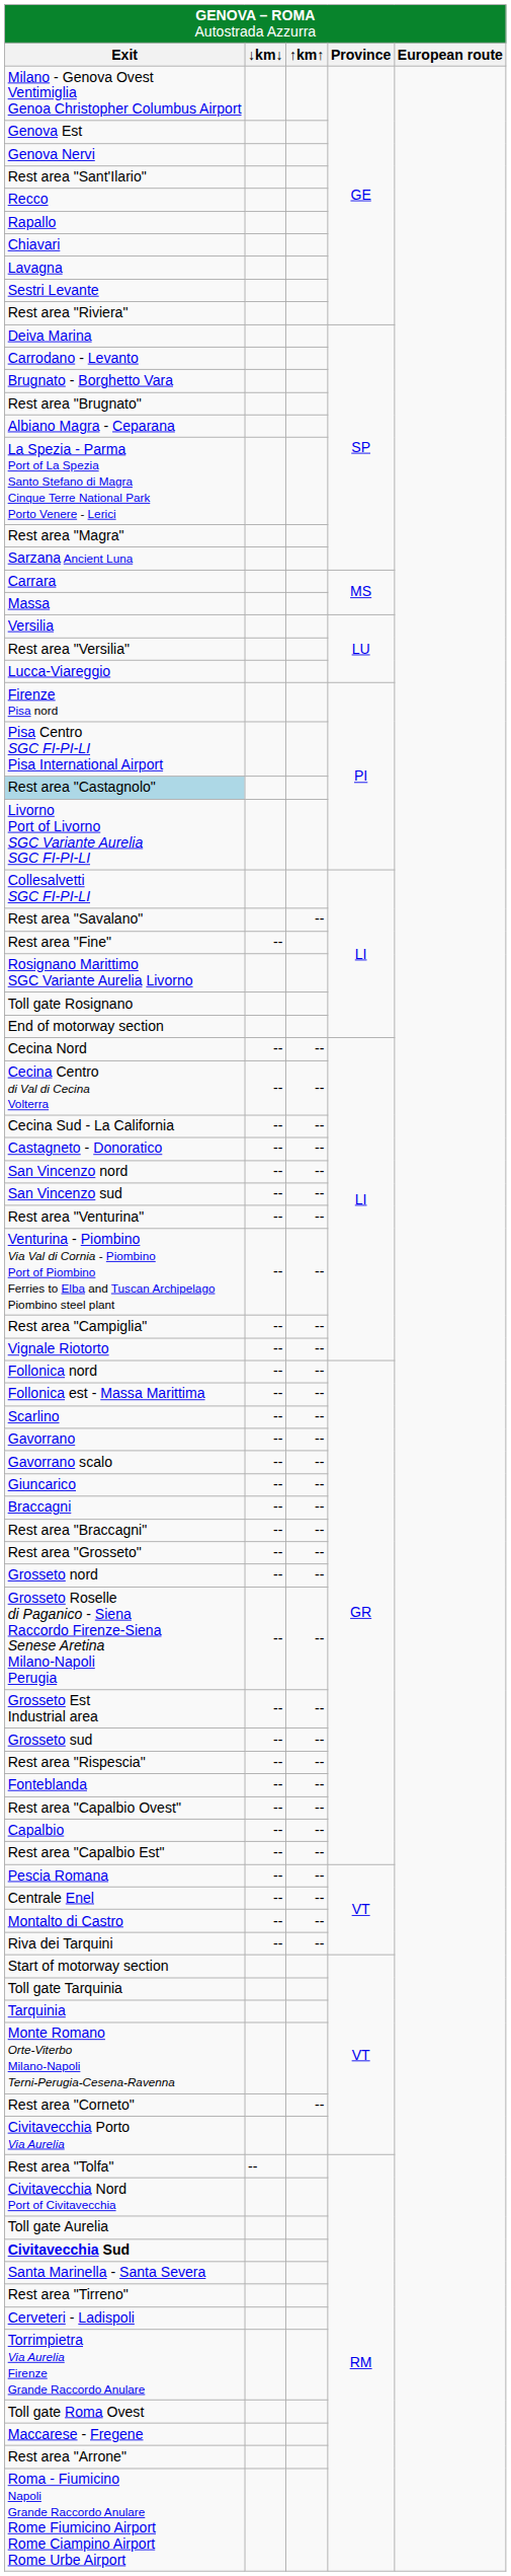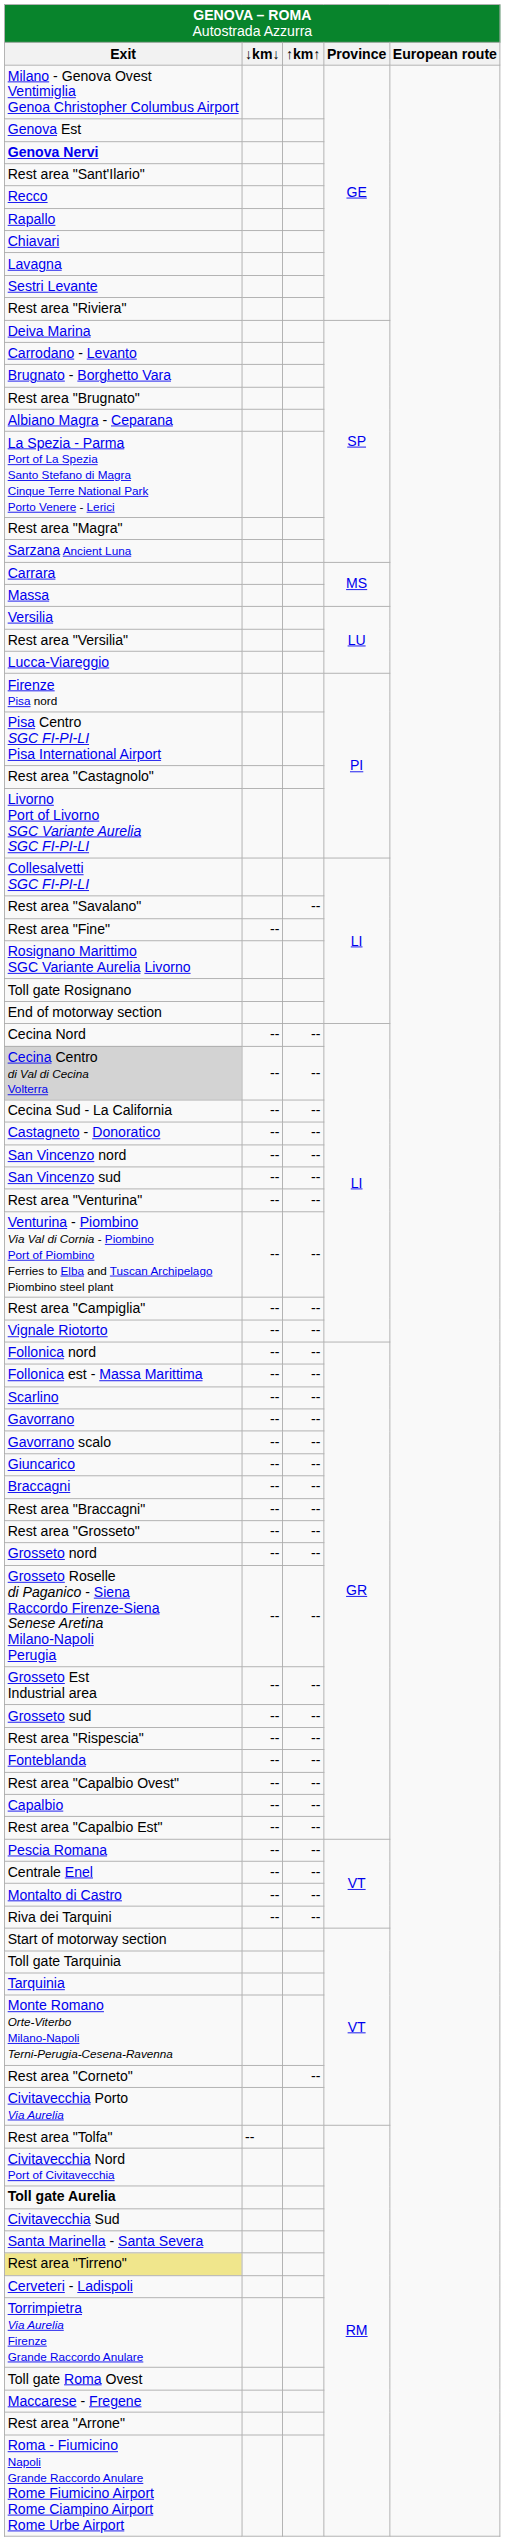 <table class="wikitable">
 <tr align="center" style="color: white;" bgcolor="#08842c">
 <td colspan="6"><strong> GENOVA – ROMA</strong><br>Autostrada Azzurra</td>
 </tr>
 <tr>
 <th><strong>Exit</strong></th>
 <th align="center"><strong>↓km↓</strong></th>
 <th align="center"><strong>↑km↑</strong></th>
 <th align="center"><strong>Province</strong></th>
 <th align="center"><strong>European route</strong></th>
 </tr>
 <tr>
 <td>   <a href='#'>Milano</a> - Genova Ovest<br>    <a href='#'>Ventimiglia</a><br> <a href='#'>Genoa Christopher Columbus Airport</a></td>
 <td align="right"></td>
 <td align="right"></td>
 <td rowspan="10" align="center"><a href='#'>GE</a></td>
 <td rowspan="83" align="center"></td>
 </tr>
 <tr>
 <td> <a href='#'>Genova</a> Est</td>
 <td align="right"></td>
 <td align="right"></td>
 </tr>
 <tr>
-<td> <a href='#'>Genova Nervi</a></td>
+<td><strong> <a href='#'>Genova Nervi</a></strong></td>
 <td align="right"></td>
 <td align="right"></td>
 </tr>
 <tr>
 <td>  Rest area "Sant'Ilario"</td>
 <td align="right"></td>
 <td></td>
 </tr>
 <tr>
 <td> <a href='#'>Recco</a></td>
 <td align="right"></td>
 <td align="right"></td>
 </tr>
 <tr>
 <td> <a href='#'>Rapallo</a></td>
 <td align="right"></td>
 <td align="right"></td>
 </tr>
 <tr>
 <td> <a href='#'>Chiavari</a></td>
 <td align="right"></td>
 <td align="right"></td>
 </tr>
 <tr>
 <td> <a href='#'>Lavagna</a></td>
 <td align="right"></td>
 <td align="right"></td>
 </tr>
 <tr>
 <td> <a href='#'>Sestri Levante</a></td>
 <td align="right"></td>
 <td align="right"></td>
 </tr>
 <tr>
 <td>  Rest area "Riviera"</td>
 <td align="right"></td>
 <td align="right"></td>
 </tr>
 <tr>
 <td> <a href='#'>Deiva Marina</a></td>
 <td align="right"></td>
 <td align="right"></td>
 <td rowspan="8" align="center"><a href='#'>SP</a></td>
 </tr>
 <tr>
 <td> <a href='#'>Carrodano</a> - <a href='#'>Levanto</a></td>
 <td align="right"></td>
 <td align="right"></td>
 </tr>
 <tr>
 <td> <a href='#'>Brugnato</a> - <a href='#'>Borghetto Vara</a></td>
 <td align="right"></td>
 <td align="right"></td>
 </tr>
 <tr>
 <td>  Rest area "Brugnato"</td>
 <td align="right"></td>
 <td align="right"></td>
 </tr>
 <tr>
 <td> <a href='#'>Albiano Magra</a> - <a href='#'>Ceparana</a></td>
 <td align="right"></td>
 <td align="right"></td>
 </tr>
 <tr>
 <td>   <a href='#'>La Spezia - Parma</a><br><small><a href='#'>Port of La Spezia</a></small><br><small><a href='#'>Santo Stefano di Magra</a></small><br><small> <a href='#'>Cinque Terre National Park</a></small><br><small> <a href='#'>Porto Venere</a> - <a href='#'>Lerici</a></small></td>
 <td align="right"></td>
 <td align="right"></td>
 </tr>
 <tr>
 <td>  Rest area "Magra"</td>
 <td align="right"></td>
 <td align="right"></td>
 </tr>
 <tr>
 <td> <a href='#'>Sarzana</a><small> <a href='#'>Ancient Luna</a></small></td>
 <td align="right"></td>
 <td align="right"></td>
 </tr>
 <tr>
 <td> <a href='#'>Carrara</a></td>
 <td align="right"></td>
 <td align="right"></td>
 <td align="center" rowspan="2"><a href='#'>MS</a></td>
 </tr>
 <tr>
 <td> <a href='#'>Massa</a></td>
 <td align="right"></td>
 <td align="right"></td>
 </tr>
 <tr>
 <td> <a href='#'>Versilia</a></td>
 <td align="right"></td>
 <td align="right"></td>
 <td rowspan="3" align="center"><a href='#'>LU</a></td>
 </tr>
 <tr>
 <td>  Rest area "Versilia"</td>
 <td align="right"></td>
 <td align="right"></td>
 </tr>
 <tr>
 <td>  <a href='#'>Lucca-Viareggio</a></td>
 <td align="right"></td>
 <td align="right"></td>
 </tr>
 <tr>
 <td>   <a href='#'>Firenze</a><br><small> <a href='#'>Pisa</a> nord</small></td>
 <td align="right"></td>
 <td align="right"></td>
 <td rowspan="4" align="center"><a href='#'>PI</a></td>
 </tr>
 <tr>
 <td> <a href='#'>Pisa</a> Centro <br> <em><a href='#'>SGC FI-PI-LI</a></em><br> <a href='#'>Pisa International Airport</a></td>
 <td align="right"></td>
 <td align="right"></td>
 </tr>
 <tr>
-<td style="background: lightblue;">  Rest area "Castagnolo"</td>
+<td>  Rest area "Castagnolo"</td>
 <td align="right"></td>
 <td align="right"></td>
 </tr>
 <tr>
 <td> <a href='#'>Livorno</a><br> <a href='#'>Port of Livorno</a><br> <em><a href='#'>SGC Variante Aurelia</a></em><br> <em><a href='#'>SGC FI-PI-LI</a></em></td>
 <td align="right"></td>
 <td align="right"></td>
 </tr>
 <tr>
 <td> <a href='#'>Collesalvetti</a><br> <em><a href='#'>SGC FI-PI-LI</a></em></td>
 <td align="right"></td>
 <td align="right"></td>
 <td rowspan="6" align="center"><a href='#'>LI</a></td>
 </tr>
 <tr>
 <td>  Rest area "Savalano"</td>
 <td align="right"></td>
 <td align="right">--</td>
 </tr>
 <tr>
 <td>  Rest area "Fine"</td>
 <td align="right">--</td>
 <td align="right"></td>
 </tr>
 <tr>
 <td> <a href='#'>Rosignano Marittimo</a><br> <a href='#'>SGC Variante Aurelia</a> <a href='#'>Livorno</a><br></td>
 <td align="right"></td>
 <td align="right"></td>
 </tr>
 <tr>
 <td> Toll gate Rosignano</td>
 <td align="right"></td>
 <td align="right"></td>
 </tr>
 <tr>
 <td>  End of motorway section</td>
 <td align="right"></td>
 <td align="right"></td>
 </tr>
 <tr>
 <td> Cecina Nord</td>
 <td align="right">--</td>
 <td align="right">--</td>
 <td rowspan="10" align="center"><a href='#'>LI</a></td>
 </tr>
 <tr>
-<td> <a href='#'>Cecina</a> Centro<br><small> <em>di Val di Cecina</em><br><a href='#'>Volterra</a></small></td>
+<td style="background: lightgrey;"> <a href='#'>Cecina</a> Centro<br><small> <em>di Val di Cecina</em><br><a href='#'>Volterra</a></small></td>
 <td align="right">--</td>
 <td align="right">--</td>
 </tr>
 <tr>
 <td> Cecina Sud - La California</td>
 <td align="right">--</td>
 <td align="right">--</td>
 </tr>
 <tr>
 <td> <a href='#'>Castagneto</a> - <a href='#'>Donoratico</a></td>
 <td align="right">--</td>
 <td align="right">--</td>
 </tr>
 <tr>
 <td> <a href='#'>San Vincenzo</a> nord</td>
 <td align="right">--</td>
 <td align="right">--</td>
 </tr>
 <tr>
 <td> <a href='#'>San Vincenzo</a> sud</td>
 <td align="right">--</td>
 <td align="right">--</td>
 </tr>
 <tr>
 <td> Rest area "Venturina"</td>
 <td align="right">--</td>
 <td align="right">--</td>
 </tr>
 <tr>
 <td><a href='#'>Venturina</a> - <a href='#'>Piombino</a><br><small>  <em>Via Val di Cornia</em> - <a href='#'>Piombino</a><br><a href='#'>Port of Piombino</a><br> Ferries to <a href='#'>Elba</a> and <a href='#'>Tuscan Archipelago</a><br> Piombino steel plant<br></small></td>
 <td align="right">--</td>
 <td align="right">--</td>
 </tr>
 <tr>
 <td> Rest area "Campiglia"</td>
 <td align="right">--</td>
 <td align="right">--</td>
 </tr>
 <tr>
 <td> <a href='#'>Vignale Riotorto</a></td>
 <td align="right">--</td>
 <td align="right">--</td>
 </tr>
 <tr>
 <td> <a href='#'>Follonica</a> nord</td>
 <td align="right">--</td>
 <td align="right">--</td>
 <td rowspan="18" align="center"><a href='#'>GR</a></td>
 </tr>
 <tr>
 <td> <a href='#'>Follonica</a> est - <a href='#'>Massa Marittima</a><br></td>
 <td align="right">--</td>
 <td align="right">--</td>
 </tr>
 <tr>
 <td> <a href='#'>Scarlino</a></td>
 <td align="right">--</td>
 <td align="right">--</td>
 </tr>
 <tr>
 <td> <a href='#'>Gavorrano</a></td>
 <td align="right">--</td>
 <td align="right">--</td>
 </tr>
 <tr>
 <td> <a href='#'>Gavorrano</a> scalo</td>
 <td align="right">--</td>
 <td align="right">--</td>
 </tr>
 <tr>
 <td> <a href='#'>Giuncarico</a></td>
 <td align="right">--</td>
 <td align="right">--</td>
 </tr>
 <tr>
 <td> <a href='#'>Braccagni</a></td>
 <td align="right">--</td>
 <td align="right">--</td>
 </tr>
 <tr>
 <td> Rest area "Braccagni"</td>
 <td align="right">--</td>
 <td align="right">--</td>
 </tr>
 <tr>
 <td> Rest area "Grosseto"</td>
 <td align="right">--</td>
 <td align="right">--</td>
 </tr>
 <tr>
 <td> <a href='#'>Grosseto</a> nord</td>
 <td align="right">--</td>
 <td align="right">--</td>
 </tr>
 <tr>
 <td> <a href='#'>Grosseto</a> Roselle<br> <em>di Paganico</em> - <a href='#'>Siena</a><br> <a href='#'>Raccordo Firenze-Siena</a><br> <em>Senese Aretina</em><br> <a href='#'>Milano-Napoli</a><br> <a href='#'>Perugia</a></td>
 <td align="right">--</td>
 <td align="right">--</td>
 </tr>
 <tr>
 <td> <a href='#'>Grosseto</a> Est<br> Industrial area<br></td>
 <td align="right">--</td>
 <td align="right">--</td>
 </tr>
 <tr>
 <td> <a href='#'>Grosseto</a> sud</td>
 <td align="right">--</td>
 <td align="right">--</td>
 </tr>
 <tr>
 <td> Rest area "Rispescia"</td>
 <td align="right">--</td>
 <td align="right">--</td>
 </tr>
 <tr>
 <td> <a href='#'>Fonteblanda</a></td>
 <td align="right">--</td>
 <td align="right">--</td>
 </tr>
 <tr>
 <td> Rest area "Capalbio Ovest"</td>
 <td align="right">--</td>
 <td align="right">--</td>
 </tr>
 <tr>
 <td> <a href='#'>Capalbio</a></td>
 <td align="right">--</td>
 <td align="right">--</td>
 </tr>
 <tr>
 <td> Rest area "Capalbio Est"</td>
 <td align="right">--</td>
 <td align="right">--</td>
 </tr>
 <tr>
 <td> <a href='#'>Pescia Romana</a></td>
 <td align="right">--</td>
 <td align="right">--</td>
 <td align="center" rowspan=4><a href='#'>VT</a></td>
 </tr>
 <tr>
 <td> Centrale <a href='#'>Enel</a></td>
 <td align="right">--</td>
 <td align="right">--</td>
 </tr>
 <tr>
 <td> <a href='#'>Montalto di Castro</a></td>
 <td align="right">--</td>
 <td align="right">--</td>
 </tr>
 <tr>
 <td> Riva dei Tarquini</td>
 <td align="right">--</td>
 <td align="right">--</td>
 </tr>
 <tr>
 <td>  Start of motorway section</td>
 <td align="right"></td>
 <td align="right"></td>
 <td align="center" rowspan=6><a href='#'>VT</a></td>
 </tr>
 <tr>
 <td> Toll gate Tarquinia</td>
 <td align="right"></td>
 <td align="right"></td>
 </tr>
 <tr>
 <td> <a href='#'>Tarquinia</a></td>
 <td align="right"></td>
 <td align="right"></td>
 </tr>
 <tr>
 <td> <a href='#'>Monte Romano</a><br><small> <em>Orte-Viterbo</em><br> <a href='#'>Milano-Napoli</a><br>  <em>Terni-Perugia-Cesena-Ravenna</em></small></td>
 <td align="right"></td>
 <td align="right"></td>
 </tr>
 <tr>
 <td>  Rest area "Corneto"</td>
 <td align="right"></td>
 <td align="right">--</td>
 </tr>
 <tr>
 <td> <a href='#'>Civitavecchia</a> Porto<br><small>  <em><a href='#'>Via Aurelia</a></em></small></td>
 <td align="right"></td>
 <td align="right"></td>
 </tr>
 <tr>
 <td>  Rest area "Tolfa"</td>
 <td>--</td>
 <td align="right"></td>
 <td align="center" rowspan=12><a href='#'>RM</a></td>
 </tr>
 <tr>
 <td> <a href='#'>Civitavecchia</a> Nord<br><small> <a href='#'>Port  of Civitavecchia</a></small></td>
 <td align="right"></td>
 <td align="right"></td>
 </tr>
 <tr>
-<td> Toll gate Aurelia</td>
+<td><strong> Toll gate Aurelia</strong></td>
 <td align="right"></td>
 <td align="right"></td>
 </tr>
 <tr>
-<td><strong> <a href='#'>Civitavecchia</a> Sud</strong></td>
+<td> <a href='#'>Civitavecchia</a> Sud</td>
 <td align="right"></td>
 <td align="right"></td>
 </tr>
 <tr>
 <td> <a href='#'>Santa Marinella</a> - <a href='#'>Santa Severa</a></td>
 <td align="right"></td>
 <td align="right"></td>
 </tr>
 <tr>
-<td>  Rest area "Tirreno"</td>
+<td style="background: khaki;">  Rest area "Tirreno"</td>
 <td align="right"></td>
 <td align="right"></td>
 </tr>
 <tr>
 <td> <a href='#'>Cerveteri</a> - <a href='#'>Ladispoli</a></td>
 <td align="right"></td>
 <td align="right"></td>
 </tr>
 <tr>
 <td> <a href='#'>Torrimpietra</a><br><small> <em><a href='#'>Via Aurelia</a></em><br> <a href='#'>Firenze</a><br> <a href='#'>Grande Raccordo Anulare</a></small></td>
 <td align="right"></td>
 <td align="right"></td>
 </tr>
 <tr>
 <td> Toll gate <a href='#'>Roma</a> Ovest</td>
 <td align="right"></td>
 <td align="right"></td>
 </tr>
 <tr>
 <td> <a href='#'>Maccarese</a> - <a href='#'>Fregene</a> </td>
 <td align="right"></td>
 <td align="right"></td>
 </tr>
 <tr>
 <td>  Rest area "Arrone"</td>
 <td align="right"></td>
 <td align="right"></td>
 </tr>
 <tr>
 <td>   <a href='#'>Roma - Fiumicino</a><br><small> <a href='#'>Napoli</a><br> <a href='#'>Grande Raccordo Anulare</a></small><br> <a href='#'>Rome Fiumicino Airport</a><br> <a href='#'>Rome Ciampino Airport</a><br> <a href='#'>Rome Urbe Airport</a></td>
 <td align="right"></td>
 <td align="right"></td>
 </tr>
 </table>
